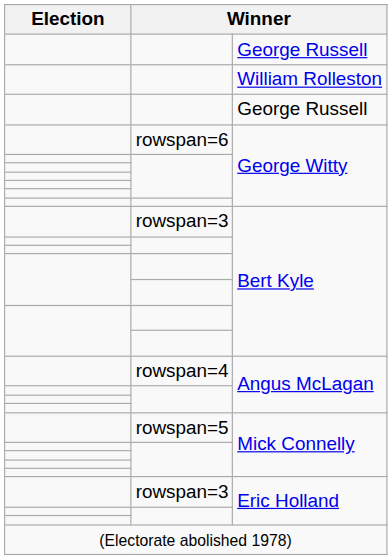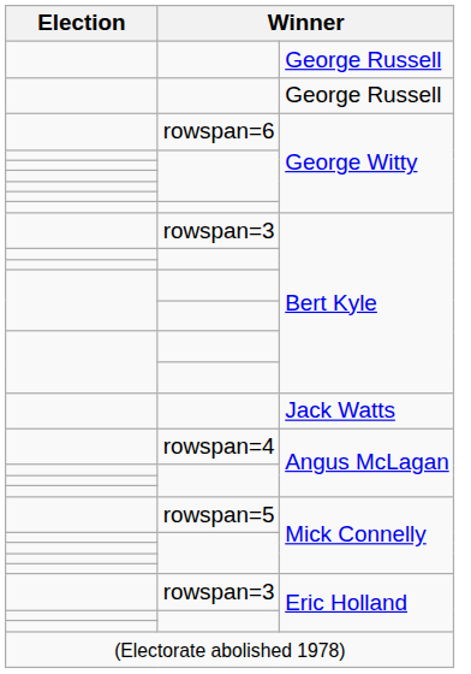 <table class=wikitable>
 <tr>
 <th width=100>Election</th>
 <th width=175 colspan=2>Winner</th>
 </tr>
 <tr>
 <td></td>
 <td></td>
 <td><a href='#'>George Russell</a></td>
-</tr>
-<tr>
-<td></td>
-<td></td>
-<td><a href='#'>William Rolleston</a></td>
 </tr>
 <tr>
 <td></td>
 <td></td>
 <td>George Russell</td>
 </tr>
 <tr>
 <td></td>
 <td>rowspan=6 </td>
 <td rowspan=7><a href='#'>George Witty</a></td>
 </tr>
 <tr>
 <td></td>
 </tr>
 <tr>
 <td></td>
 </tr>
 <tr>
 <td></td>
 </tr>
 <tr>
 <td></td>
 </tr>
 <tr>
 <td></td>
 </tr>
 <tr>
 <td></td>
 <td></td>
 </tr>
 <tr>
 <td></td>
 <td>rowspan=3 </td>
 <td rowspan=7><a href='#'>Bert Kyle</a></td>
 </tr>
 <tr>
 <td></td>
 </tr>
 <tr>
 <td></td>
 </tr>
 <tr>
 <td rowspan=2 height=36></td>
 <td></td>
 </tr>
 <tr>
 <td></td>
 </tr>
 <tr>
 <td rowspan=2 height=36></td>
 <td></td>
 </tr>
 <tr>
 <td></td>
 </tr>
 <tr>
 <td></td>
+<td></td>
+<td><a href='#'>Jack Watts</a></td>
+</tr>
+<tr>
+<td></td>
 <td>rowspan=4 </td>
 <td rowspan=4><a href='#'>Angus McLagan</a></td>
 </tr>
 <tr>
 <td></td>
 </tr>
 <tr>
 <td></td>
 </tr>
 <tr>
 <td></td>
 </tr>
 <tr>
 <td></td>
 <td>rowspan=5 </td>
 <td rowspan=5><a href='#'>Mick Connelly</a></td>
 </tr>
 <tr>
 <td></td>
 </tr>
 <tr>
 <td></td>
 </tr>
 <tr>
 <td></td>
 </tr>
 <tr>
 <td></td>
 </tr>
 <tr>
 <td></td>
 <td>rowspan=3 </td>
 <td rowspan=3><a href='#'>Eric Holland</a></td>
 </tr>
 <tr>
 <td></td>
 </tr>
 <tr>
 <td></td>
 </tr>
 <tr>
 <td colspan=3 align=center><small>(Electorate abolished 1978)</small></td>
 </tr>
 </table>
